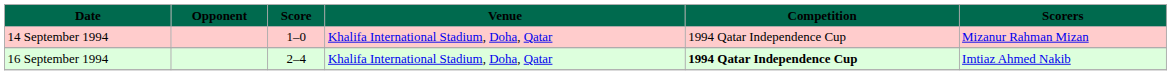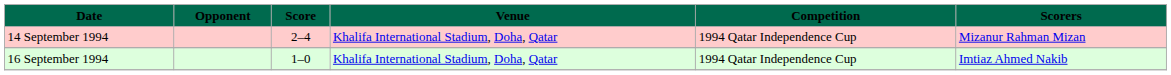 <table class="wikitable" width=100% style="text-align:left;font-size:88%;">
 <tr>
 <th style="background:#006a4e;"><span>Date</span></th>
 <th style="background:#006a4e;"><span>Opponent</span></th>
 <th style="background:#006a4e;"><span>Score</span></th>
 <th style="background:#006a4e;"><span>Venue</span></th>
 <th style="background:#006a4e;"><span>Competition</span></th>
 <th style="background:#006a4e;"><span>Scorers</span></th>
 </tr>
 <tr>
 </tr>
 <tr style="background:#fcc;">
 <td>14 September 1994</td>
 <td></td>
-<td style="text-align: center">1–0</td>
+<td style="text-align: center">2–4</td>
 <td> <a href='#'>Khalifa International Stadium</a>, <a href='#'>Doha</a>, <a href='#'>Qatar</a></td>
 <td>1994 Qatar Independence Cup</td>
 <td><a href='#'>Mizanur Rahman Mizan</a> </td>
 </tr>
 <tr>
 </tr>
 <tr style="background:#dfd;">
 <td>16 September 1994</td>
 <td></td>
-<td style="text-align: center">2–4</td>
+<td style="text-align: center">1–0</td>
 <td> <a href='#'>Khalifa International Stadium</a>, <a href='#'>Doha</a>, <a href='#'>Qatar</a></td>
-<td><strong>1994 Qatar Independence Cup</strong></td>
+<td>1994 Qatar Independence Cup</td>
 <td><a href='#'>Imtiaz Ahmed Nakib</a> </td>
 </tr>
 <tr>
 </tr>
 </table>
